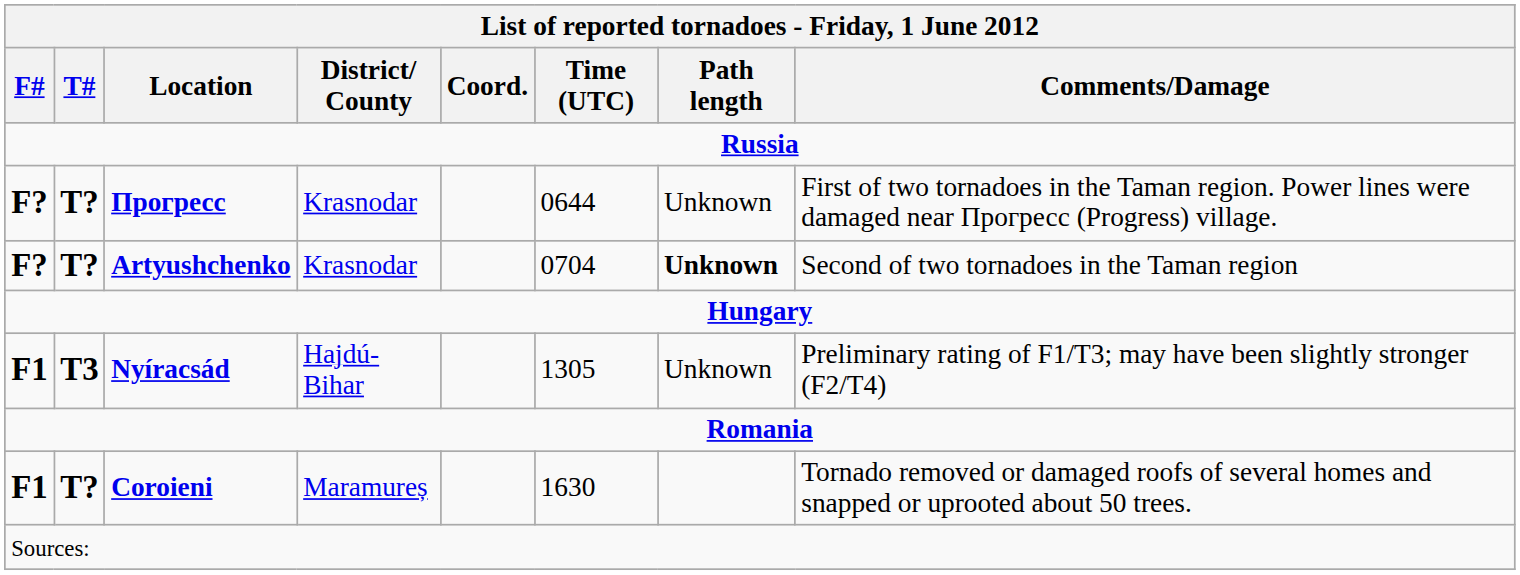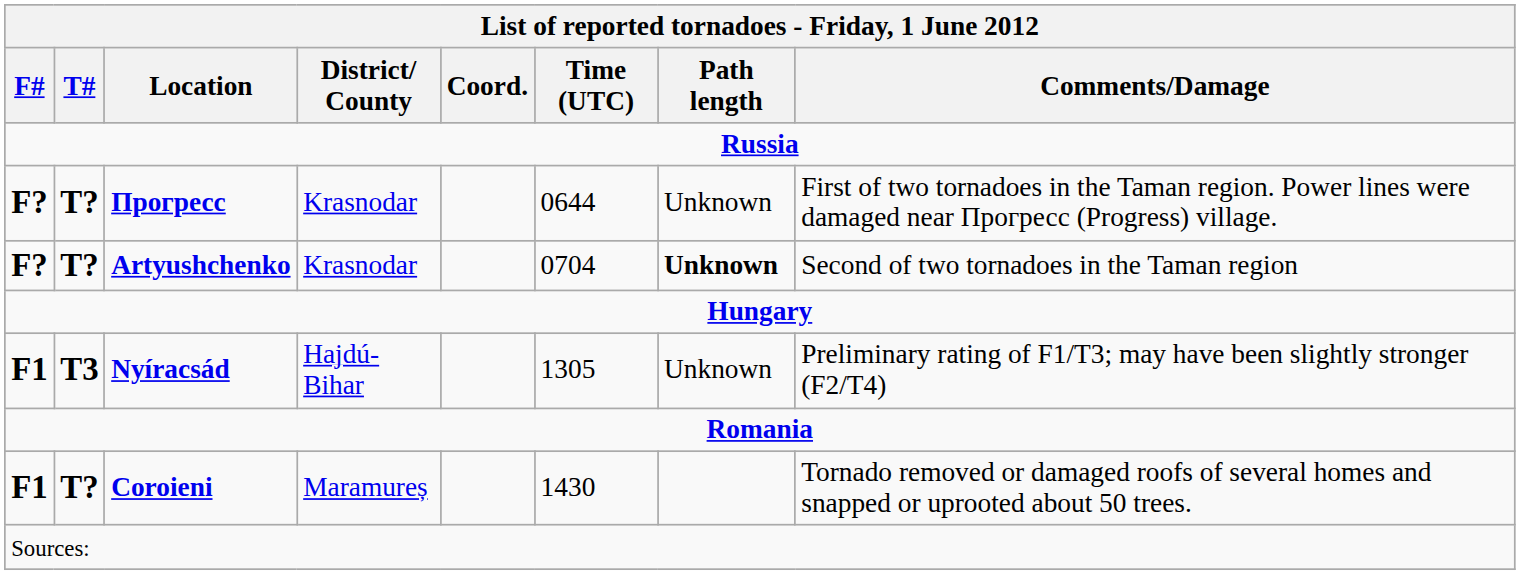 <table class="wikitable collapsible" width="100%">
 <tr>
 <th colspan="8">List of reported tornadoes - Friday, 1 June 2012</th>
 </tr>
 <tr>
 <th><a href='#'>F#</a></th>
 <th><a href='#'>T#</a></th>
 <th>Location</th>
 <th>District/<br>County</th>
 <th>Coord.</th>
 <th>Time (UTC)</th>
 <th>Path length</th>
 <th>Comments/Damage</th>
 </tr>
 <tr>
 <td colspan="8" align=center><strong><a href='#'>Russia</a></strong></td>
 </tr>
 <tr>
 <td><big><strong>F?</strong></big></td>
 <td><big><strong>T?</strong></big></td>
 <td><strong><a href='#'>Прогресс</a></strong></td>
 <td><a href='#'>Krasnodar</a></td>
 <td></td>
 <td>0644</td>
 <td>Unknown</td>
 <td>First of two tornadoes in the Taman region. Power lines were damaged near Прогресс (Progress) village.</td>
 </tr>
 <tr>
 <td><big><strong>F?</strong></big></td>
 <td><big><strong>T?</strong></big></td>
 <td><strong><a href='#'>Artyushchenko</a></strong></td>
 <td><a href='#'>Krasnodar</a></td>
 <td></td>
 <td>0704</td>
 <td><strong>Unknown</strong></td>
 <td>Second of two tornadoes in the Taman region</td>
 </tr>
 <tr>
 <td colspan="8" align=center><strong><a href='#'>Hungary</a></strong></td>
 </tr>
 <tr>
 <td><big><strong>F1</strong></big></td>
 <td><big><strong>T3</strong></big></td>
 <td><strong><a href='#'>Nyíracsád</a></strong></td>
 <td><a href='#'>Hajdú-Bihar</a></td>
 <td></td>
 <td>1305</td>
 <td>Unknown</td>
 <td>Preliminary rating of F1/T3; may have been slightly stronger (F2/T4)</td>
 </tr>
 <tr>
 <td colspan="8" align=center><strong><a href='#'>Romania</a></strong></td>
 </tr>
 <tr>
 <td><big><strong>F1</strong></big></td>
 <td><big><strong>T?</strong></big></td>
 <td><strong><a href='#'>Coroieni</a></strong></td>
 <td><a href='#'>Maramureș</a></td>
 <td></td>
-<td>1630</td>
+<td>1430</td>
 <td></td>
 <td>Tornado removed or damaged roofs of several homes and snapped or uprooted about 50 trees.</td>
 </tr>
 <tr>
 <td colspan="8"><small>Sources:  </small></td>
 </tr>
 </table>
